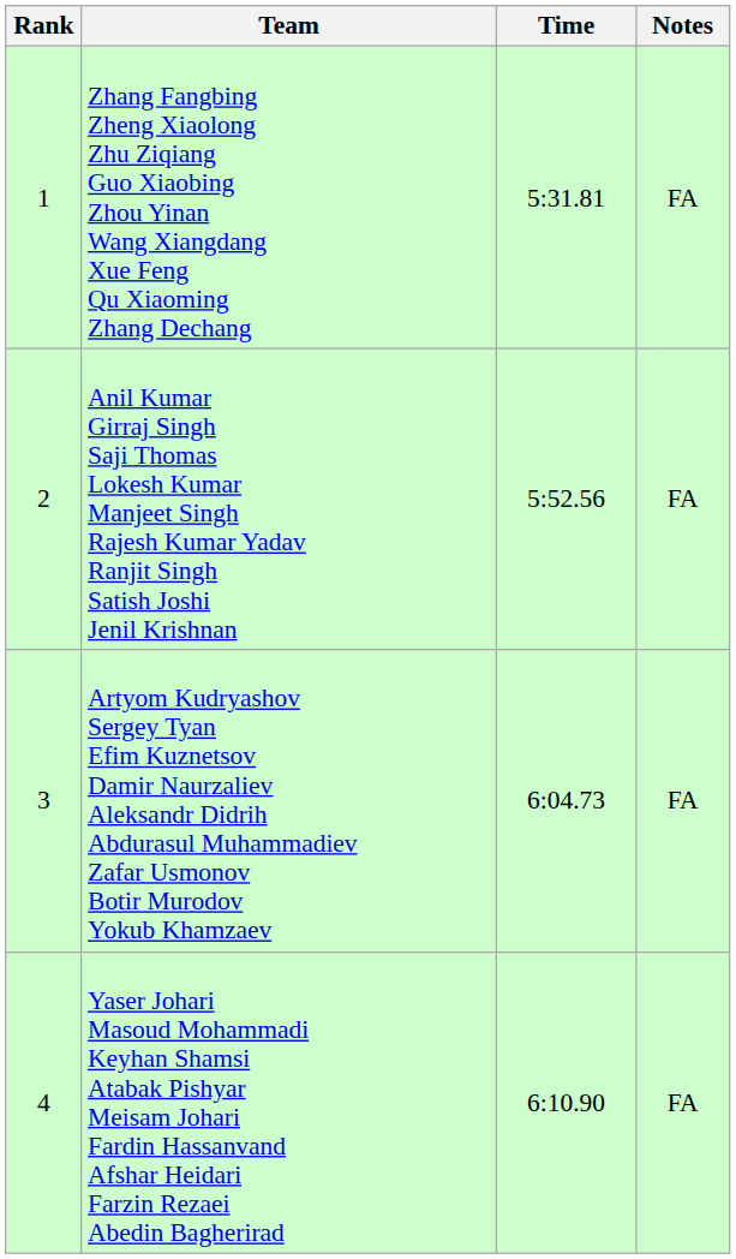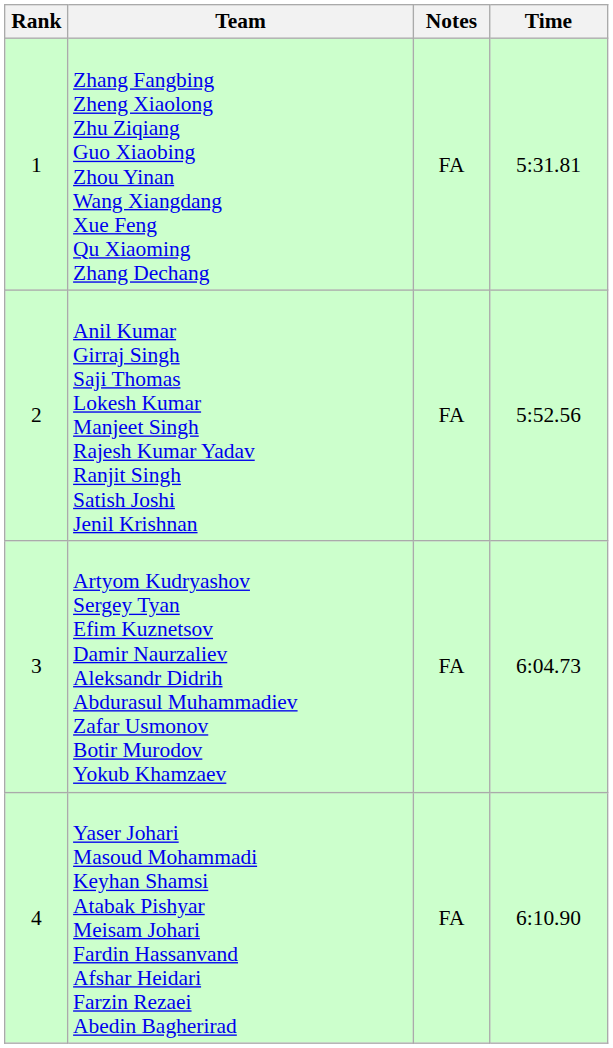 <table class=wikitable style="text-align:center">
 <tr>
 <th width=40>Rank</th>
 <th width=250>Team</th>
+<th width=50>Notes</th>
 <th width=80>Time</th>
-<th width=50>Notes</th>
 </tr>
 <tr bgcolor="ccffcc">
 <td>1</td>
 <td align=left><br><a href='#'>Zhang Fangbing</a><br><a href='#'>Zheng Xiaolong</a><br><a href='#'>Zhu Ziqiang</a><br><a href='#'>Guo Xiaobing</a><br><a href='#'>Zhou Yinan</a><br><a href='#'>Wang Xiangdang</a><br><a href='#'>Xue Feng</a><br><a href='#'>Qu Xiaoming</a><br><a href='#'>Zhang Dechang</a></td>
+<td>FA</td>
 <td>5:31.81</td>
-<td>FA</td>
 </tr>
 <tr bgcolor="ccffcc">
 <td>2</td>
 <td align=left><br><a href='#'>Anil Kumar</a><br><a href='#'>Girraj Singh</a><br><a href='#'>Saji Thomas</a><br><a href='#'>Lokesh Kumar</a><br><a href='#'>Manjeet Singh</a><br><a href='#'>Rajesh Kumar Yadav</a><br><a href='#'>Ranjit Singh</a><br><a href='#'>Satish Joshi</a><br><a href='#'>Jenil Krishnan</a></td>
+<td>FA</td>
 <td>5:52.56</td>
-<td>FA</td>
 </tr>
 <tr bgcolor="ccffcc">
 <td>3</td>
 <td align=left><br><a href='#'>Artyom Kudryashov</a><br><a href='#'>Sergey Tyan</a><br><a href='#'>Efim Kuznetsov</a><br><a href='#'>Damir Naurzaliev</a><br><a href='#'>Aleksandr Didrih</a><br><a href='#'>Abdurasul Muhammadiev</a><br><a href='#'>Zafar Usmonov</a><br><a href='#'>Botir Murodov</a><br><a href='#'>Yokub Khamzaev</a></td>
+<td>FA</td>
 <td>6:04.73</td>
-<td>FA</td>
 </tr>
 <tr bgcolor="ccffcc">
 <td>4</td>
 <td align=left><br><a href='#'>Yaser Johari</a><br><a href='#'>Masoud Mohammadi</a><br><a href='#'>Keyhan Shamsi</a><br><a href='#'>Atabak Pishyar</a><br><a href='#'>Meisam Johari</a><br><a href='#'>Fardin Hassanvand</a><br><a href='#'>Afshar Heidari</a><br><a href='#'>Farzin Rezaei</a><br><a href='#'>Abedin Bagherirad</a></td>
+<td>FA</td>
 <td>6:10.90</td>
-<td>FA</td>
 </tr>
 </table>
